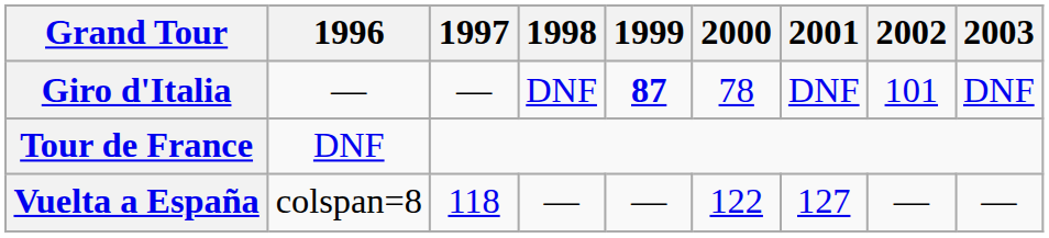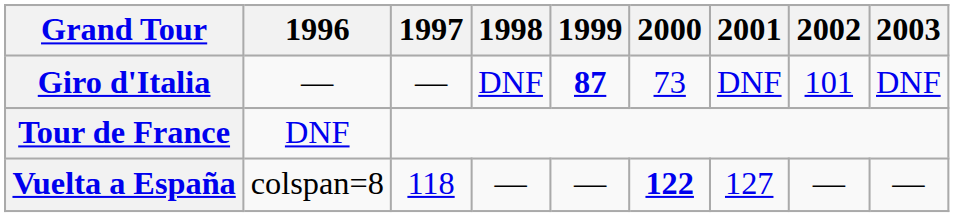 <table class="wikitable plainrowheaders">
 <tr>
 <th scope="col"><a href='#'>Grand Tour</a></th>
 <th scope="col">1996</th>
 <th scope="col">1997</th>
 <th scope="col">1998</th>
 <th scope="col">1999</th>
 <th scope="col">2000</th>
 <th scope="col">2001</th>
 <th scope="col">2002</th>
 <th scope="col">2003</th>
 </tr>
 <tr style="text-align:center;">
 <th scope="row"><a href='#'>Giro d'Italia</a></th>
 <td>—</td>
 <td>—</td>
 <td><a href='#'>DNF</a></td>
 <td><strong><a href='#'>87</a></strong></td>
-<td><a href='#'>78</a></td>
+<td><a href='#'>73</a></td>
 <td><a href='#'>DNF</a></td>
 <td><a href='#'>101</a></td>
 <td><a href='#'>DNF</a></td>
 </tr>
 <tr style="text-align:center;">
 <th scope="row"><a href='#'>Tour de France</a></th>
 <td><a href='#'>DNF</a></td>
 </tr>
 <tr style="text-align:center;">
 <th scope="row"><a href='#'>Vuelta a España</a></th>
 <td>colspan=8 </td>
 <td><a href='#'>118</a></td>
 <td>—</td>
 <td>—</td>
-<td><a href='#'>122</a></td>
+<td><strong><a href='#'>122</a></strong></td>
 <td><a href='#'>127</a></td>
 <td>—</td>
 <td>—</td>
 </tr>
 </table>
